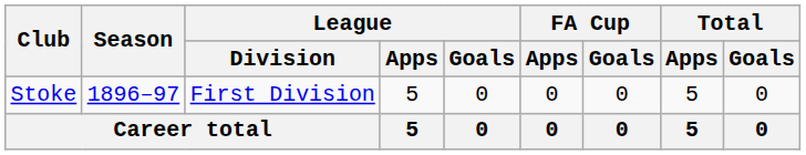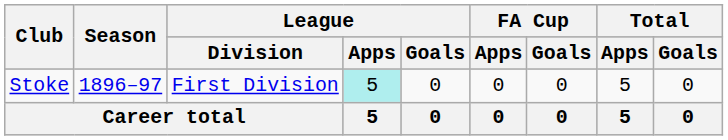 <table class="wikitable" style="text-align: center;">
 <tr>
 <th rowspan="2">Club</th>
 <th rowspan="2">Season</th>
 <th colspan="3">League</th>
 <th colspan="2">FA Cup</th>
 <th colspan="2">Total</th>
 </tr>
 <tr>
 <th>Division</th>
 <th>Apps</th>
 <th>Goals</th>
 <th>Apps</th>
 <th>Goals</th>
 <th>Apps</th>
 <th>Goals</th>
 </tr>
 <tr>
 <td><a href='#'>Stoke</a></td>
 <td><a href='#'>1896–97</a></td>
 <td><a href='#'>First Division</a></td>
-<td>5</td>
+<td style="background: paleturquoise;">5</td>
 <td>0</td>
 <td>0</td>
 <td>0</td>
 <td>5</td>
 <td>0</td>
 </tr>
 <tr>
 <th colspan=3>Career total</th>
 <th>5</th>
 <th>0</th>
 <th>0</th>
 <th>0</th>
 <th>5</th>
 <th>0</th>
 </tr>
 </table>
